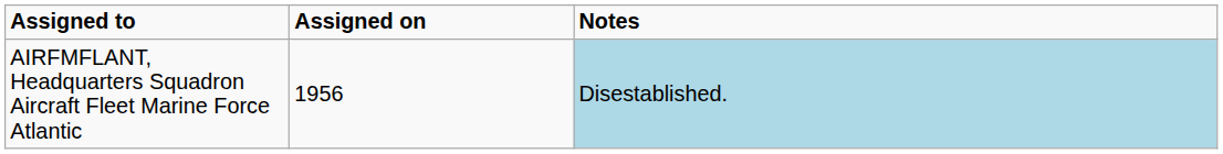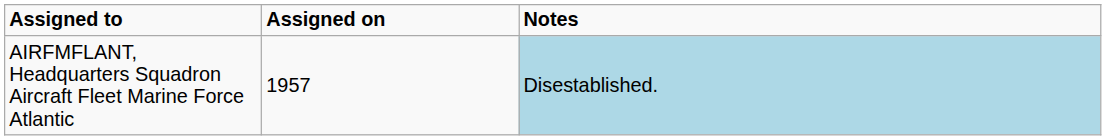 <table class="wikitable" style="width: 70%;">
 <tr>
 <td style="width: 200px;"><strong>Assigned to</strong></td>
 <td style="width: 200px;"><strong>Assigned on</strong></td>
 <td><strong>Notes</strong></td>
 </tr>
 <tr>
 <td>AIRFMFLANT, Headquarters Squadron Aircraft Fleet Marine Force Atlantic</td>
-<td>1956</td>
+<td>1957</td>
 <td style="background: lightblue;">Disestablished.</td>
 </tr>
 </table>
